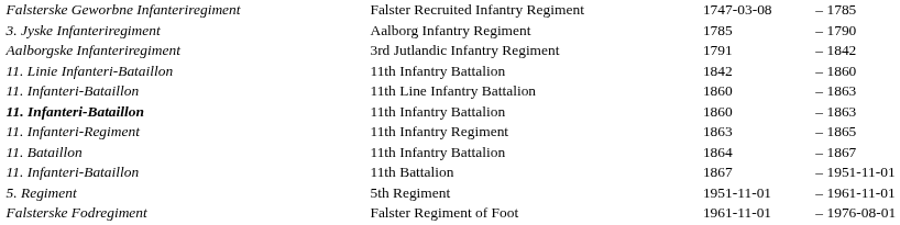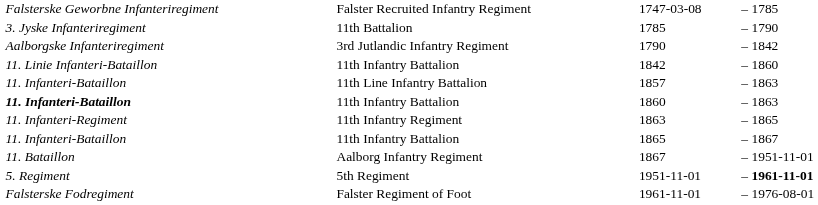 <table class="toccolours">
 <tr style="vertical-align: top;">
 <td><em>Falsterske Geworbne Infanteriregiment</em></td>
 <td>Falster Recruited Infantry Regiment</td>
 <td width="12%">1747-03-08</td>
 <td width="1%">–</td>
 <td width="12%">1785</td>
 </tr>
 <tr style="vertical-align: top;">
 <td><em>3. Jyske Infanteriregiment</em></td>
-<td>Aalborg Infantry Regiment</td>
+<td>11th Battalion</td>
 <td width="12%">1785</td>
 <td width="1%">–</td>
 <td width="12%">1790</td>
 </tr>
 <tr style="vertical-align: top;">
 <td><em>Aalborgske Infanteriregiment</em></td>
 <td>3rd Jutlandic Infantry Regiment</td>
-<td width="12%">1791</td>
+<td width="12%">1790</td>
 <td width="1%">–</td>
 <td width="12%">1842</td>
 </tr>
 <tr style="vertical-align: top;">
 <td><em>11. Linie Infanteri-Bataillon</em></td>
 <td>11th Infantry Battalion</td>
 <td width="12%">1842</td>
 <td width="1%">–</td>
 <td width="12%">1860</td>
 </tr>
 <tr style="vertical-align: top;">
 <td><em>11. Infanteri-Bataillon</em></td>
 <td>11th Line Infantry Battalion</td>
-<td width="12%">1860</td>
+<td width="12%">1857</td>
 <td width="1%">–</td>
 <td width="12%">1863</td>
 </tr>
 <tr style="vertical-align: top;">
 <td><strong><em>11. Infanteri-Bataillon</em></strong></td>
 <td>11th Infantry Battalion</td>
 <td width="12%">1860</td>
 <td width="1%">–</td>
 <td width="12%">1863</td>
 </tr>
 <tr style="vertical-align: top;">
 <td><em>11. Infanteri-Regiment</em></td>
 <td>11th Infantry Regiment</td>
 <td width="12%">1863</td>
 <td width="1%">–</td>
 <td width="12%">1865</td>
 </tr>
 <tr style="vertical-align: top;">
-<td><em>11. Bataillon</em></td>
+<td><em>11. Infanteri-Bataillon</em></td>
 <td>11th Infantry Battalion</td>
-<td width="12%">1864</td>
+<td width="12%">1865</td>
 <td width="1%">–</td>
 <td width="12%">1867</td>
 </tr>
 <tr style="vertical-align: top;">
-<td><em>11. Infanteri-Bataillon</em></td>
-<td>11th Battalion</td>
+<td><em>11. Bataillon</em></td>
+<td>Aalborg Infantry Regiment</td>
 <td width="12%">1867</td>
 <td width="1%">–</td>
 <td width="12%">1951-11-01</td>
 </tr>
 <tr style="vertical-align: top;">
 <td><em>5. Regiment</em></td>
 <td>5th Regiment</td>
 <td width="12%">1951-11-01</td>
 <td width="1%">–</td>
-<td width="12%">1961-11-01</td>
+<td width="12%"><strong>1961-11-01</strong></td>
 </tr>
 <tr style="vertical-align: top;">
 <td><em>Falsterske Fodregiment</em></td>
 <td>Falster Regiment of Foot</td>
 <td width="12%">1961-11-01</td>
 <td width="1%">–</td>
 <td width="12%">1976-08-01</td>
 </tr>
 </table>
